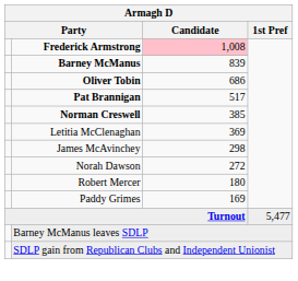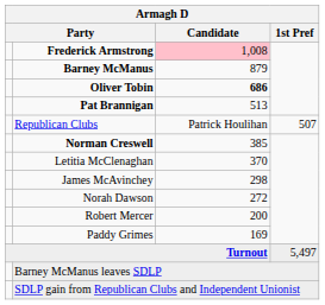 <table class="wikitable">
 <tr>
 <th colspan="4" align="center">Armagh D</th>
 </tr>
 <tr>
 <th colspan="2" align="center" width=200>Party</th>
 <th width=150>Candidate</th>
 <th width=60>1st Pref</th>
 </tr>
 <tr>
 <td></td>
 <td align="right"><strong>Frederick Armstrong</strong></td>
 <td align="right" style="background: pink;">1,008</td>
 </tr>
 <tr>
 <td></td>
 <td align="right"><strong>Barney McManus</strong></td>
-<td align="right">839</td>
+<td align="right">879</td>
 </tr>
 <tr>
 <td></td>
 <td align="right"><strong>Oliver Tobin</strong></td>
-<td align="right">686</td>
+<td align="right"><strong>686</strong></td>
 </tr>
 <tr>
 <td></td>
 <td align="right"><strong>Pat Brannigan</strong></td>
-<td align="right">517</td>
+<td align="right">513</td>
+</tr>
+<tr>
+<td style="background-color: "></td>
+<td><a href='#'>Republican Clubs</a></td>
+<td align="right">Patrick Houlihan</td>
+<td align="right">507</td>
 </tr>
 <tr>
 <td></td>
 <td align="right"><strong>Norman Creswell</strong></td>
 <td align="right">385</td>
 </tr>
 <tr>
 <td></td>
 <td align="right">Letitia McClenaghan</td>
-<td align="right">369</td>
+<td align="right">370</td>
 </tr>
 <tr>
 <td></td>
 <td align="right">James McAvinchey</td>
 <td align="right">298</td>
 </tr>
 <tr>
 <td></td>
 <td align="right">Norah Dawson</td>
 <td align="right">272</td>
 </tr>
 <tr>
 <td></td>
 <td align="right">Robert Mercer</td>
-<td align="right">180</td>
+<td align="right">200</td>
 </tr>
 <tr>
 <td></td>
 <td align="right">Paddy Grimes</td>
 <td align="right">169</td>
 </tr>
 <tr bgcolor="EEEEEE">
 <td colspan=3 align="right"><strong><a href='#'>Turnout</a></strong></td>
-<td align="right">5,477</td>
+<td align="right">5,497</td>
 </tr>
 <tr>
 <td bgcolor=></td>
 <td colspan=3 bgcolor="EEEEEE">Barney McManus leaves <a href='#'>SDLP</a></td>
 </tr>
 <tr>
 <td bgcolor=></td>
 <td colspan=3 bgcolor="EEEEEE"><a href='#'>SDLP</a> gain from <a href='#'>Republican Clubs</a> and <a href='#'>Independent Unionist</a></td>
 </tr>
 </table>
